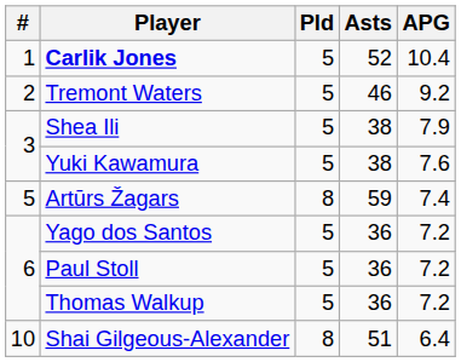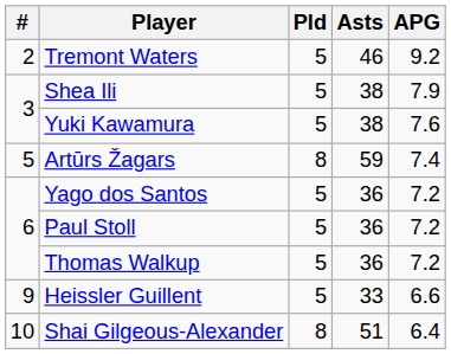 <table class=wikitable style="text-align:right; display:inline-table;">
 <tr>
 <th>#</th>
 <th>Player</th>
 <th>Pld</th>
 <th>Asts</th>
 <th>APG</th>
-</tr>
-<tr>
-<td>1</td>
-<td align=left> <strong><a href='#'>Carlik Jones</a></strong></td>
-<td>5</td>
-<td>52</td>
-<td>10.4</td>
 </tr>
 <tr>
 <td>2</td>
 <td align=left> <a href='#'>Tremont Waters</a></td>
 <td>5</td>
 <td>46</td>
 <td>9.2</td>
 </tr>
 <tr>
 <td rowspan=2>3</td>
 <td align=left> <a href='#'>Shea Ili</a></td>
 <td>5</td>
 <td>38</td>
 <td>7.9</td>
 </tr>
 <tr>
 <td align=left> <a href='#'>Yuki Kawamura</a></td>
 <td>5</td>
 <td>38</td>
 <td>7.6</td>
 </tr>
 <tr>
 <td>5</td>
 <td align=left> <a href='#'>Artūrs Žagars</a></td>
 <td>8</td>
 <td>59</td>
 <td>7.4</td>
 </tr>
 <tr>
 <td rowspan=3>6</td>
 <td align=left> <a href='#'>Yago dos Santos</a></td>
 <td>5</td>
 <td>36</td>
 <td>7.2</td>
 </tr>
 <tr>
 <td align=left> <a href='#'>Paul Stoll</a></td>
 <td>5</td>
 <td>36</td>
 <td>7.2</td>
 </tr>
 <tr>
 <td align=left> <a href='#'>Thomas Walkup</a></td>
 <td>5</td>
 <td>36</td>
 <td>7.2</td>
 </tr>
 <tr>
+<td>9</td>
+<td align=left> <a href='#'>Heissler Guillent</a></td>
+<td>5</td>
+<td>33</td>
+<td>6.6</td>
+</tr>
+<tr>
 <td>10</td>
 <td align=left> <a href='#'>Shai Gilgeous-Alexander</a></td>
 <td>8</td>
 <td>51</td>
 <td>6.4</td>
 </tr>
 </table>
